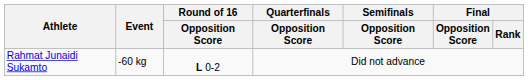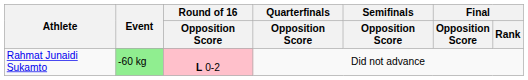 <table class=wikitable style="font-size:90%; text-align:center">
 <tr>
 <th width=150 rowspan="2">Athlete</th>
 <th width=60 rowspan="2">Event</th>
 <th width=120>Round of 16</th>
 <th width=120>Quarterfinals</th>
 <th width=120>Semifinals</th>
 <th width=120 colspan="2">Final</th>
 </tr>
 <tr>
 <th>Opposition<br>Score</th>
 <th>Opposition<br>Score</th>
 <th>Opposition<br>Score</th>
 <th>Opposition<br>Score</th>
 <th>Rank</th>
 </tr>
 <tr>
 <td align=left><a href='#'>Rahmat Junaidi Sukamto</a></td>
-<td align=left>-60 kg</td>
-<td> <br><strong>L</strong> 0-2</td>
+<td align=left style="background: lightgreen;">-60 kg</td>
+<td style="background: pink;"> <br><strong>L</strong> 0-2</td>
 <td colspan="4" align="center">Did not advance</td>
 </tr>
 </table>
